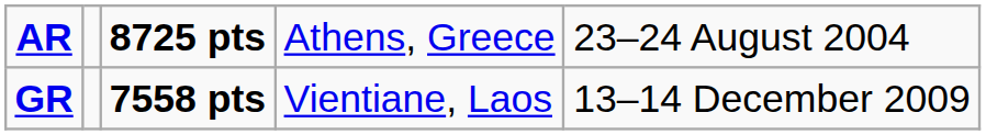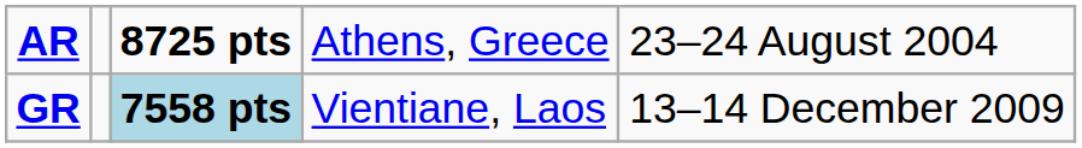 <table class="wikitable" style="font-size:95%; position:relative;">
 <tr>
 <td align=center><strong><a href='#'>AR</a></strong></td>
 <td></td>
 <td><strong>8725 pts</strong></td>
 <td><a href='#'>Athens</a>, <a href='#'>Greece</a></td>
 <td>23–24 August 2004</td>
 </tr>
 <tr>
 <td align=center><strong><a href='#'>GR</a></strong></td>
 <td></td>
-<td><strong>7558 pts</strong></td>
+<td style="background: lightblue;"><strong>7558 pts</strong></td>
 <td><a href='#'>Vientiane</a>, <a href='#'>Laos</a></td>
 <td>13–14 December 2009</td>
 </tr>
 </table>
